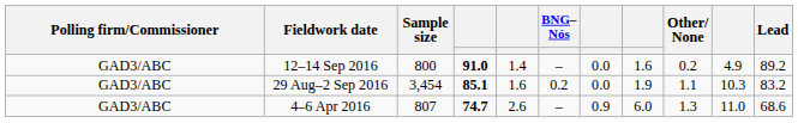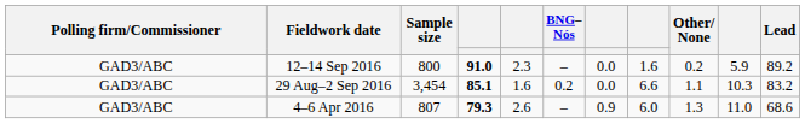 <table class="wikitable collapsible collapsed" style="text-align:center; font-size:90%; line-height:14px;">
 <tr style="height:42px;">
 <th style="width:250px;" rowspan="2">Polling firm/Commissioner</th>
 <th style="width:125px;" rowspan="2">Fieldwork date</th>
 <th style="width:50px;" rowspan="2">Sample size</th>
 <th style="width:35px;"></th>
 <th style="width:35px;"></th>
 <th style="width:35px; font-size:90%;"><a href='#'>BNG</a>–<br><a href='#'>Nós</a></th>
 <th style="width:35px;"></th>
 <th style="width:35px;"></th>
 <th style="width:35px;" rowspan="2">Other/<br>None</th>
 <th style="width:35px;" rowspan="2"></th>
 <th style="width:30px;" rowspan="2">Lead</th>
 </tr>
 <tr>
 <th style="color:inherit;background:"></th>
 <th style="color:inherit;background:"></th>
 <th style="color:inherit;background:"></th>
 <th style="color:inherit;background:"></th>
 <th style="color:inherit;background:"></th>
 </tr>
 <tr>
 <td>GAD3/ABC</td>
 <td>12–14 Sep 2016</td>
 <td>800</td>
 <td><strong>91.0</strong></td>
-<td>1.4</td>
+<td>2.3</td>
 <td>–</td>
 <td>0.0</td>
 <td>1.6</td>
 <td>0.2</td>
-<td>4.9</td>
+<td>5.9</td>
 <td style="background:">89.2</td>
 </tr>
 <tr>
 <td>GAD3/ABC</td>
 <td>29 Aug–2 Sep 2016</td>
 <td>3,454</td>
 <td><strong>85.1</strong></td>
 <td>1.6</td>
 <td>0.2</td>
 <td>0.0</td>
-<td>1.9</td>
+<td>6.6</td>
 <td>1.1</td>
 <td>10.3</td>
 <td style="background:">83.2</td>
 </tr>
 <tr>
 <td>GAD3/ABC</td>
 <td>4–6 Apr 2016</td>
 <td>807</td>
-<td><strong>74.7</strong></td>
+<td><strong>79.3</strong></td>
 <td>2.6</td>
 <td>–</td>
 <td>0.9</td>
 <td>6.0</td>
 <td>1.3</td>
 <td>11.0</td>
 <td style="background:">68.6</td>
 </tr>
 </table>
